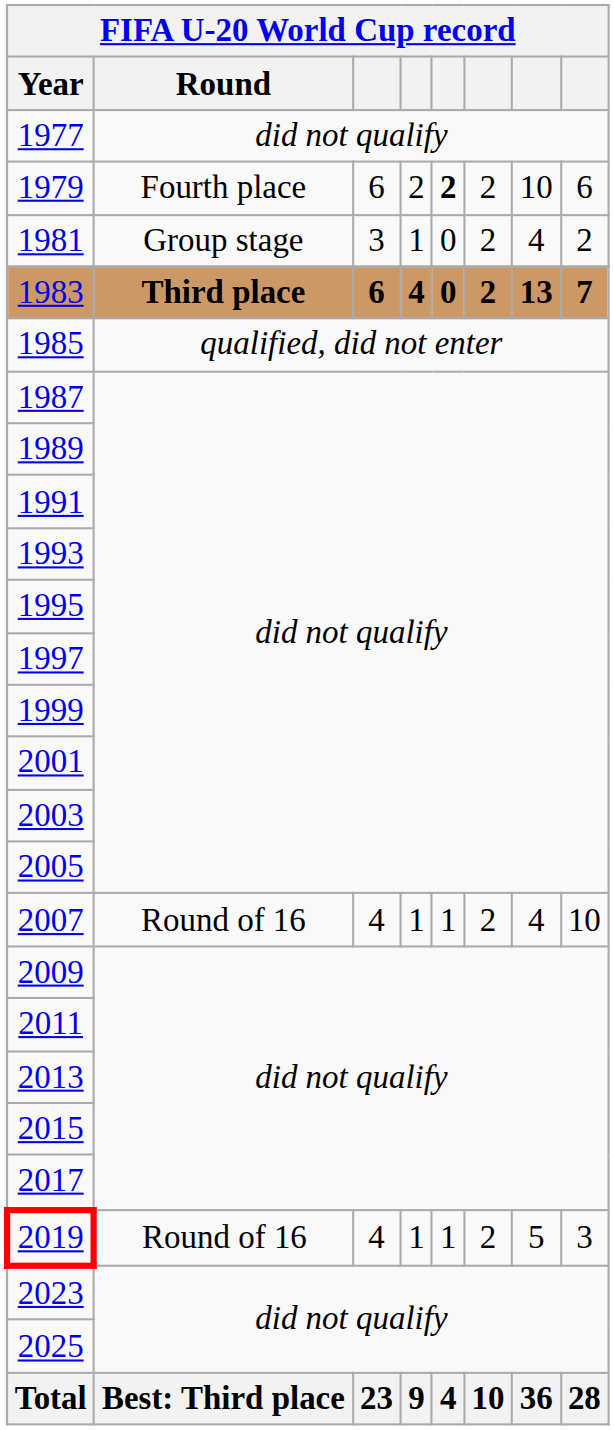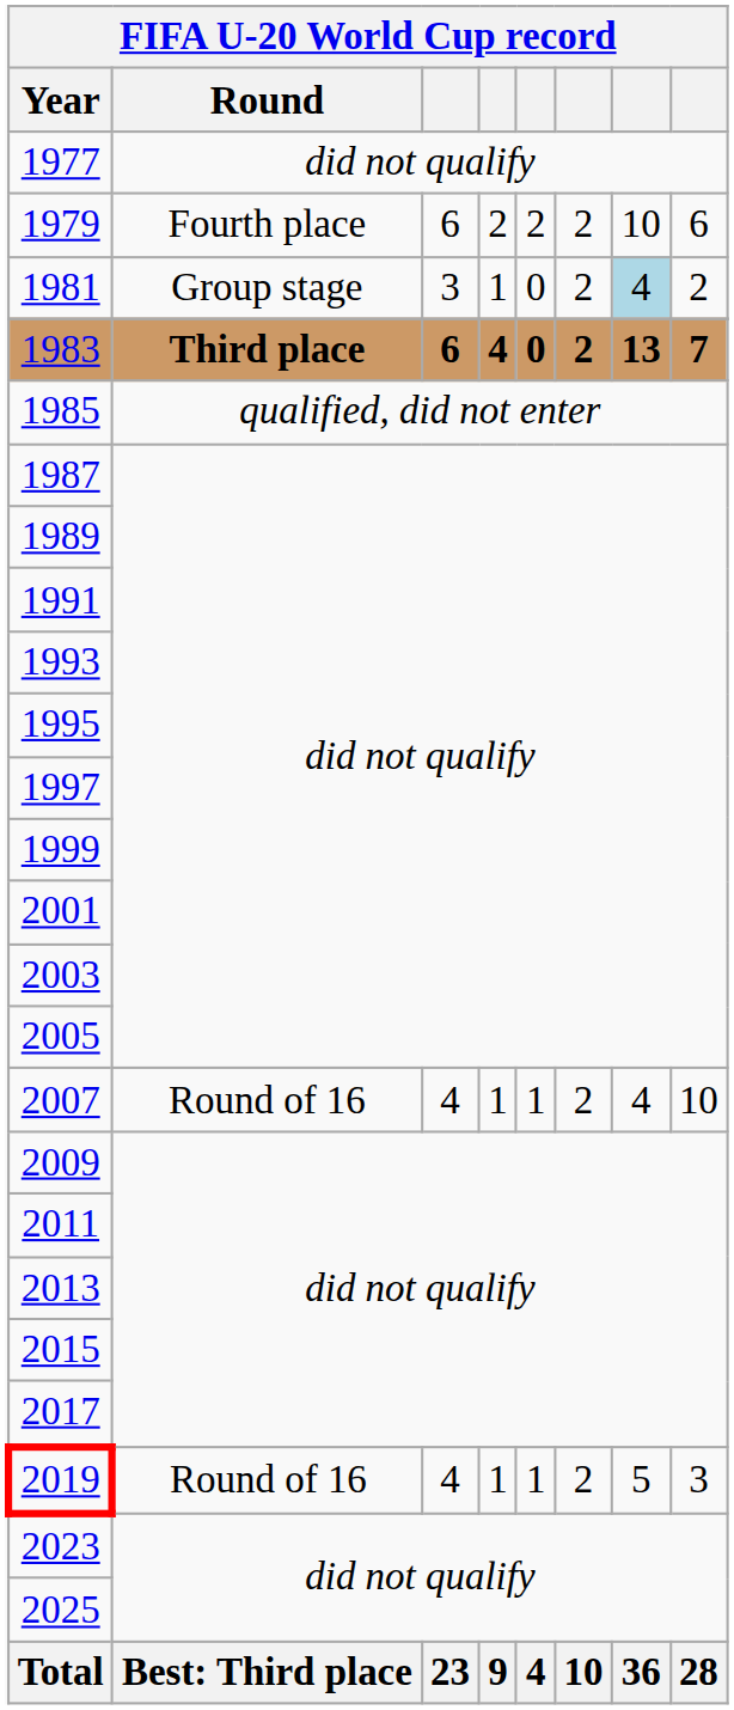 <table class="wikitable" style="text-align: center;">
 <tr>
 <th colspan=9><a href='#'>FIFA U-20 World Cup record</a></th>
 </tr>
 <tr>
 <th>Year</th>
 <th>Round</th>
 <th></th>
 <th></th>
 <th></th>
 <th></th>
 <th></th>
 <th></th>
 </tr>
 <tr>
 <td> <a href='#'>1977</a></td>
 <td colspan=7 rowspan=1><em>did not qualify</em></td>
 </tr>
 <tr>
 <td> <a href='#'>1979</a></td>
 <td>Fourth place</td>
 <td>6</td>
 <td>2</td>
-<td><strong>2</strong></td>
+<td>2</td>
 <td>2</td>
 <td>10</td>
 <td>6</td>
 </tr>
 <tr>
 <td> <a href='#'>1981</a></td>
 <td>Group stage</td>
 <td>3</td>
 <td>1</td>
 <td>0</td>
 <td>2</td>
-<td>4</td>
+<td style="background: lightblue;">4</td>
 <td>2</td>
 </tr>
 <tr>
 </tr>
 <tr bgcolor=#cc9966>
 <td> <a href='#'>1983</a></td>
 <td><strong>Third place</strong></td>
 <td><strong>6</strong></td>
 <td><strong>4</strong></td>
 <td><strong>0</strong></td>
 <td><strong>2</strong></td>
 <td><strong>13</strong></td>
 <td><strong>7</strong></td>
 </tr>
 <tr>
 <td> <a href='#'>1985</a></td>
 <td colspan=7 rowspan=1><em>qualified, did not enter</em></td>
 </tr>
 <tr>
 <td> <a href='#'>1987</a></td>
 <td colspan=7 rowspan=10><em>did not qualify</em></td>
 </tr>
 <tr>
 <td> <a href='#'>1989</a></td>
 </tr>
 <tr>
 <td> <a href='#'>1991</a></td>
 </tr>
 <tr>
 <td> <a href='#'>1993</a></td>
 </tr>
 <tr>
 <td> <a href='#'>1995</a></td>
 </tr>
 <tr>
 <td> <a href='#'>1997</a></td>
 </tr>
 <tr>
 <td> <a href='#'>1999</a></td>
 </tr>
 <tr>
 <td> <a href='#'>2001</a></td>
 </tr>
 <tr>
 <td> <a href='#'>2003</a></td>
 </tr>
 <tr>
 <td> <a href='#'>2005</a></td>
 </tr>
 <tr>
 <td> <a href='#'>2007</a></td>
 <td>Round of 16</td>
 <td>4</td>
 <td>1</td>
 <td>1</td>
 <td>2</td>
 <td>4</td>
 <td>10</td>
 </tr>
 <tr>
 <td> <a href='#'>2009</a></td>
 <td colspan=7 rowspan=5><em>did not qualify</em></td>
 </tr>
 <tr>
 <td> <a href='#'>2011</a></td>
 </tr>
 <tr>
 <td> <a href='#'>2013</a></td>
 </tr>
 <tr>
 <td> <a href='#'>2015</a></td>
 </tr>
 <tr>
 <td> <a href='#'>2017</a></td>
 </tr>
 <tr>
 <td style="border: 3px solid red"> <a href='#'>2019</a></td>
 <td>Round of 16</td>
 <td>4</td>
 <td>1</td>
 <td>1</td>
 <td>2</td>
 <td>5</td>
 <td>3</td>
 </tr>
 <tr>
 <td> <a href='#'>2023</a></td>
 <td colspan=7 rowspan=2><em>did not qualify</em></td>
 </tr>
 <tr>
 <td> <a href='#'>2025</a></td>
 </tr>
 <tr>
 <th><strong>Total</strong></th>
 <th><strong>Best: Third place</strong></th>
 <th><strong>23</strong></th>
 <th><strong>9</strong></th>
 <th><strong>4</strong></th>
 <th><strong>10</strong></th>
 <th><strong>36</strong></th>
 <th><strong>28</strong></th>
 </tr>
 </table>
